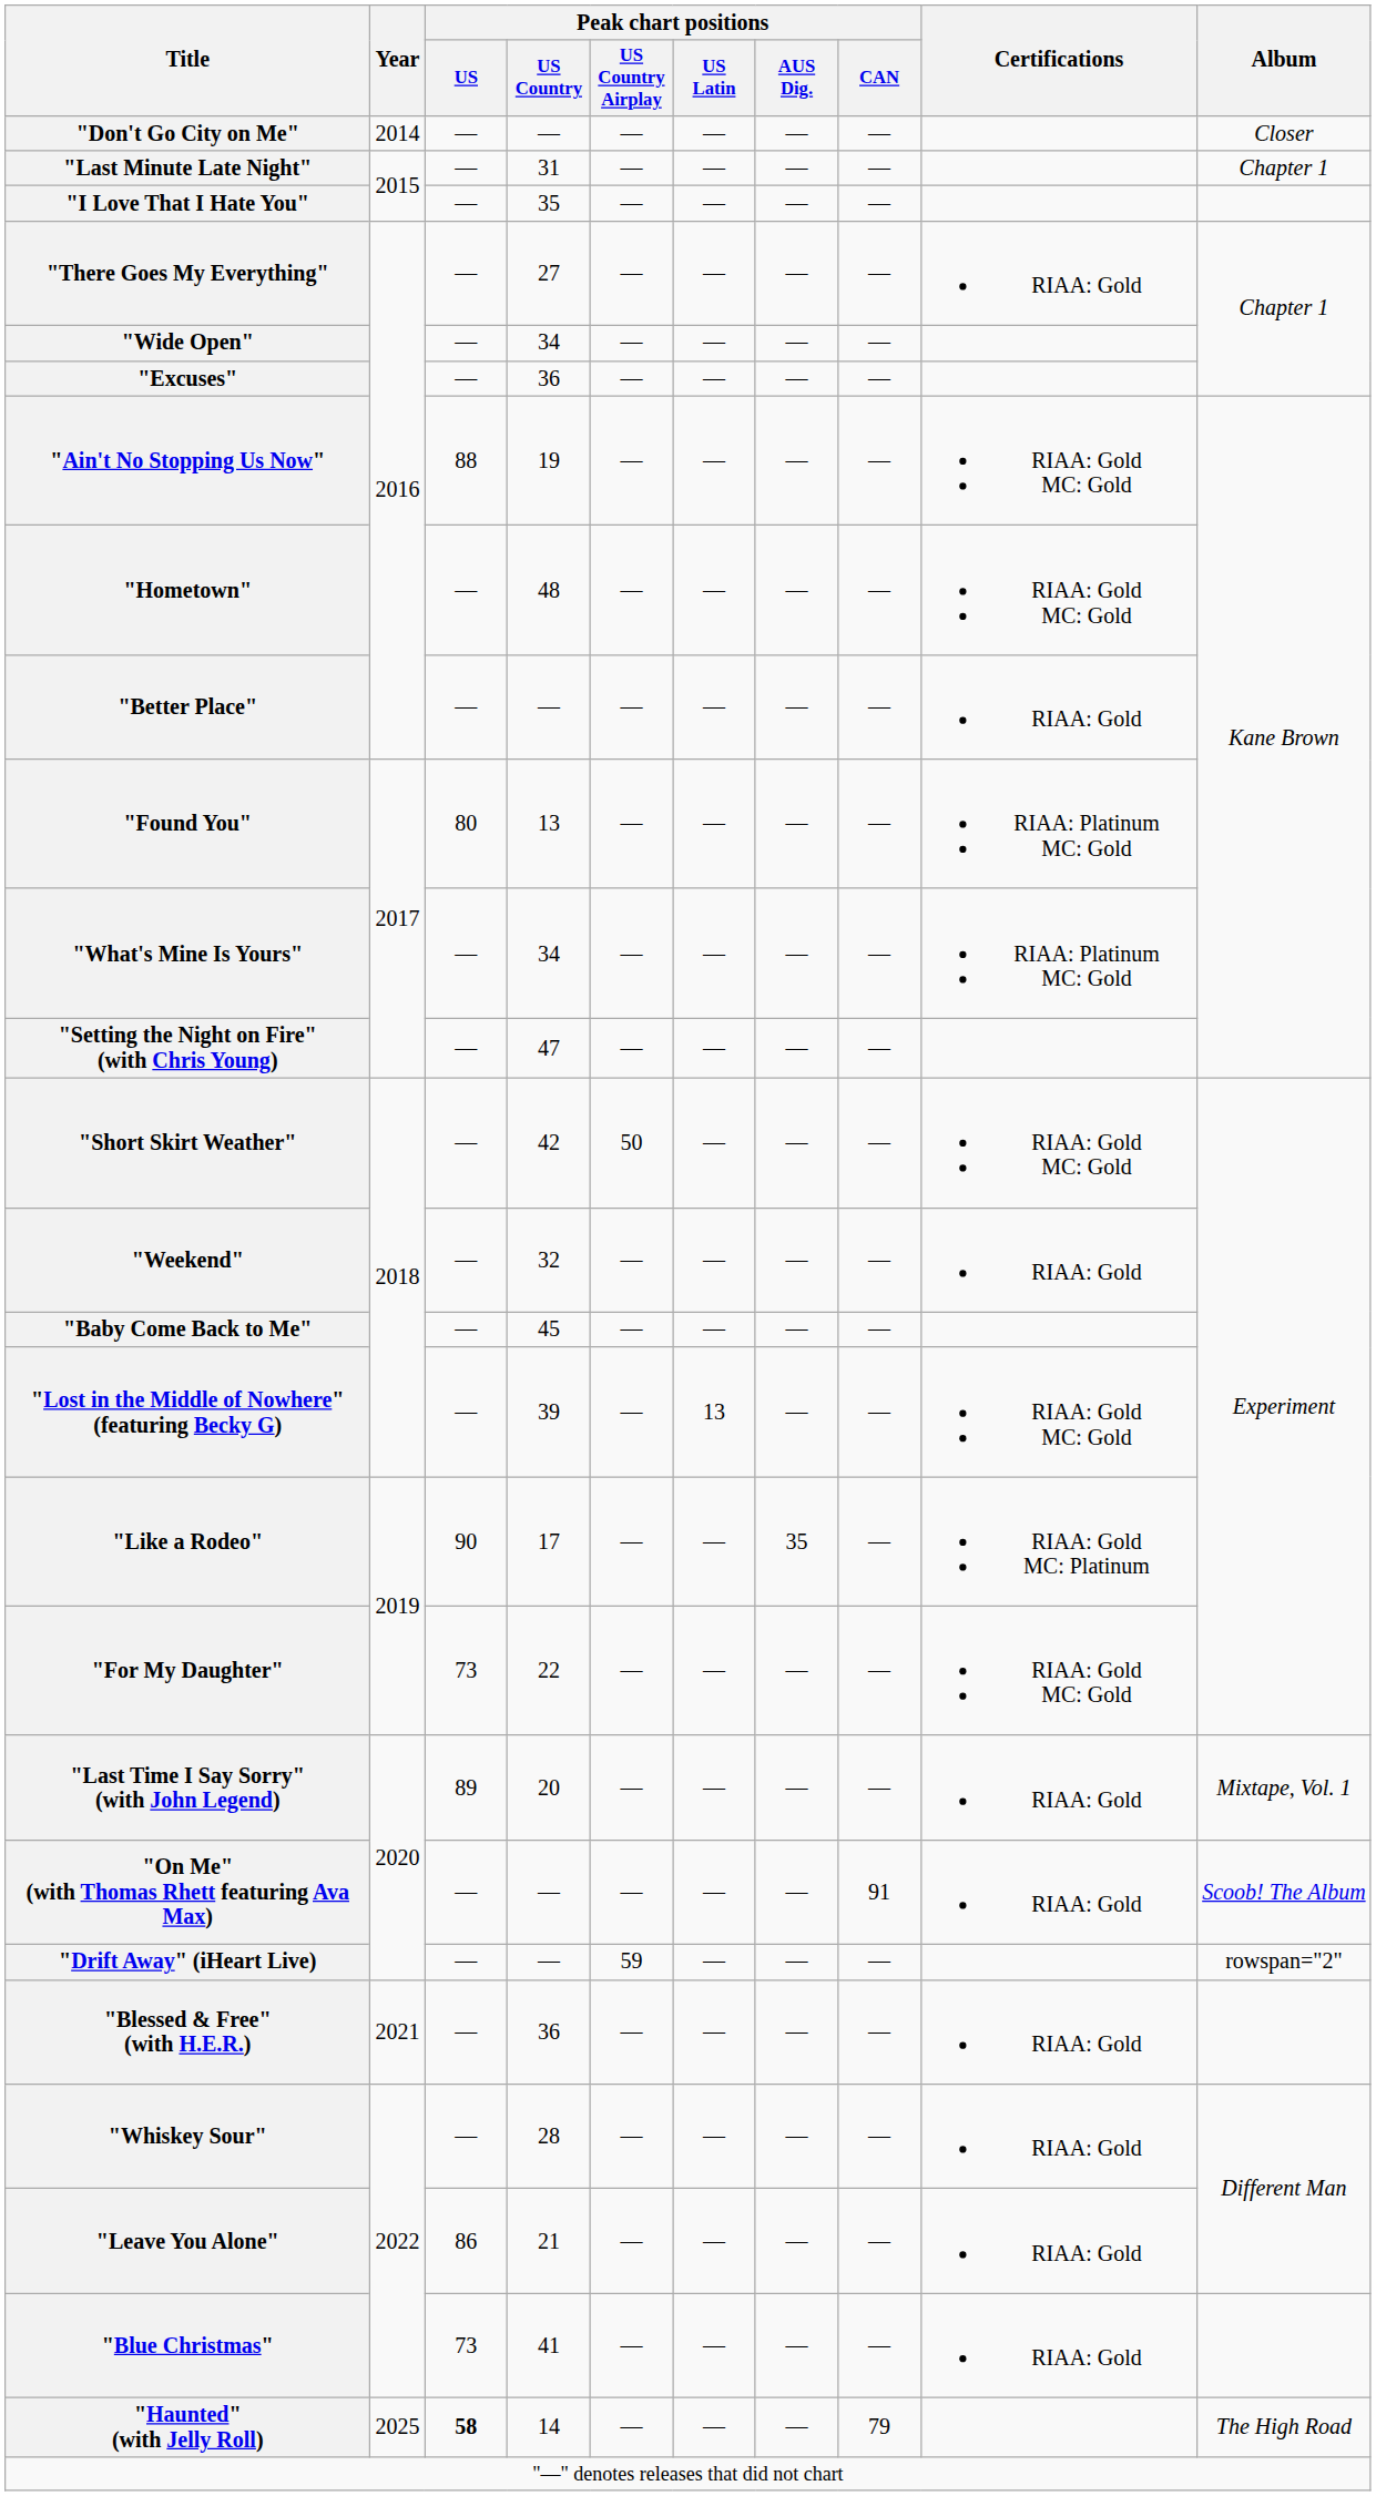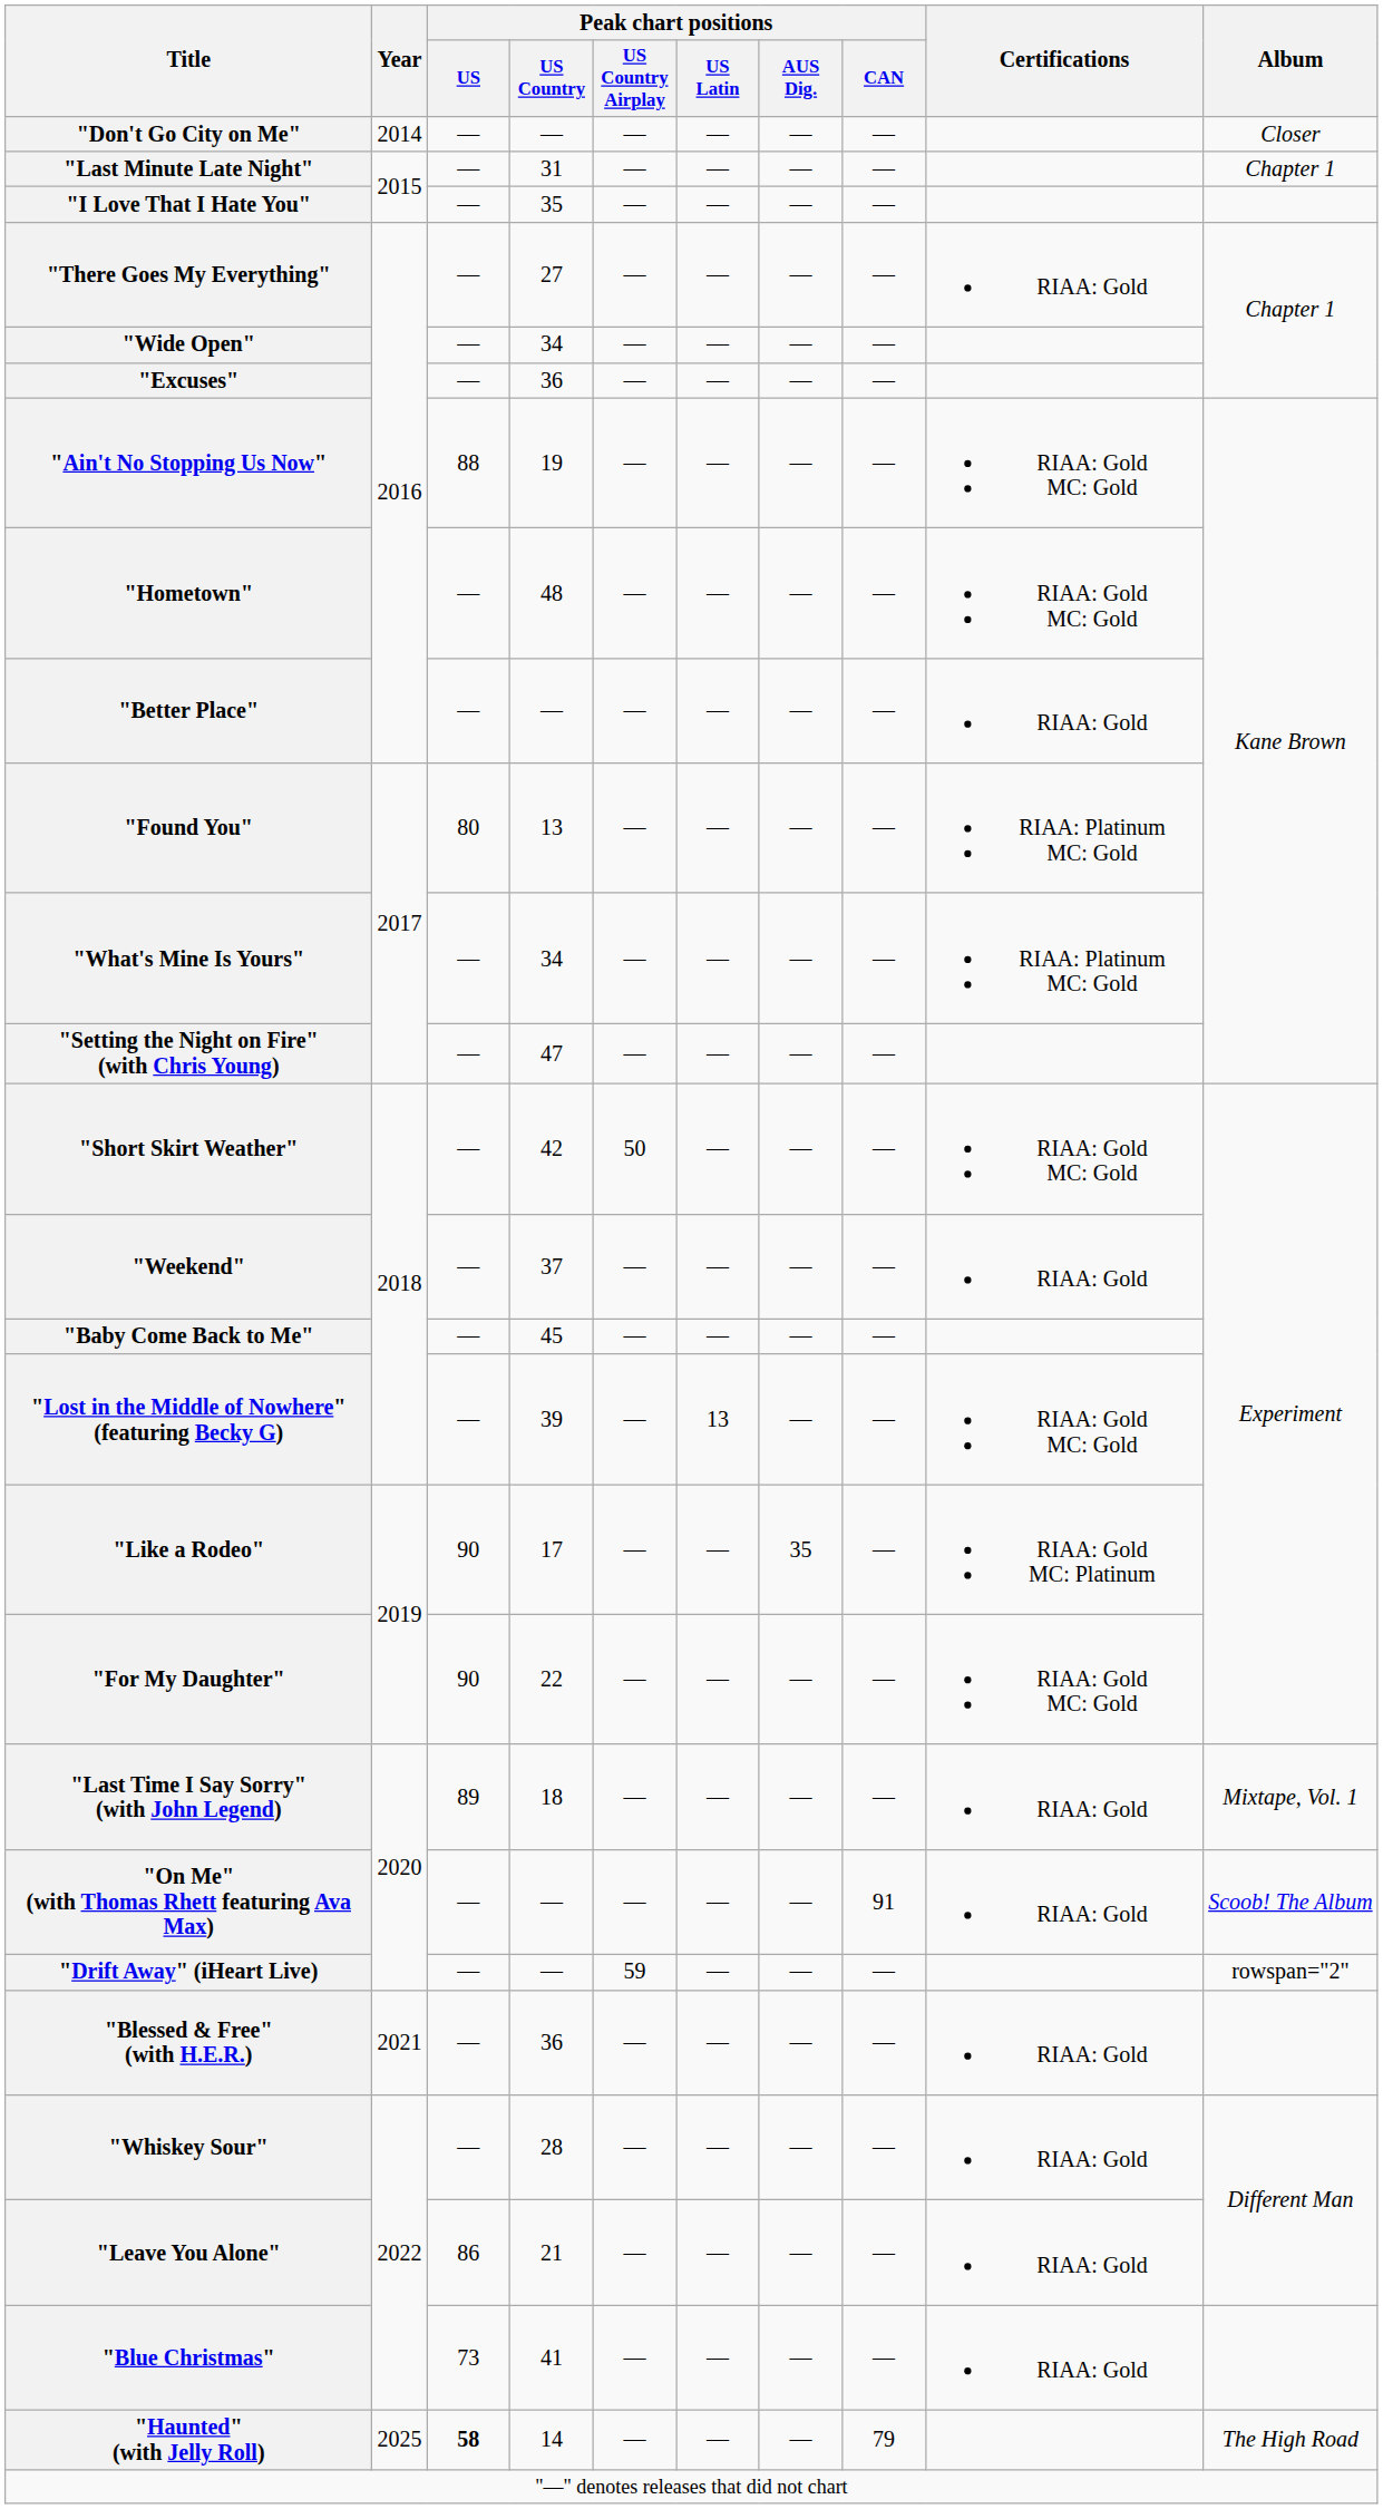 <table class="wikitable plainrowheaders" style="text-align:center;">
 <tr>
 <th rowspan="2" style="width:16em;">Title</th>
 <th rowspan="2">Year</th>
 <th colspan="6">Peak chart positions</th>
 <th rowspan="2" style="width:12em;">Certifications</th>
 <th rowspan="2">Album</th>
 </tr>
 <tr style="font-size:smaller;">
 <th style="width:4em;"><a href='#'>US</a><br></th>
 <th style="width:4em;"><a href='#'>US Country</a><br></th>
 <th style="width:4em;"><a href='#'>US Country Airplay</a><br></th>
 <th style="width:4em;"><a href='#'>US<br>Latin</a><br></th>
 <th style="width:4em;"><a href='#'>AUS<br>Dig.</a><br></th>
 <th style="width:4em;"><a href='#'>CAN</a><br></th>
 </tr>
 <tr>
 <th scope="row">"Don't Go City on Me"</th>
 <td>2014</td>
 <td>—</td>
 <td>—</td>
 <td>—</td>
 <td>—</td>
 <td>—</td>
 <td>—</td>
 <td></td>
 <td><em>Closer</em></td>
 </tr>
 <tr>
 <th scope="row">"Last Minute Late Night"</th>
 <td rowspan="2">2015</td>
 <td>—</td>
 <td>31</td>
 <td>—</td>
 <td>—</td>
 <td>—</td>
 <td>—</td>
 <td></td>
 <td><em>Chapter 1</em></td>
 </tr>
 <tr>
 <th scope="row">"I Love That I Hate You"</th>
 <td>—</td>
 <td>35</td>
 <td>—</td>
 <td>—</td>
 <td>—</td>
 <td>—</td>
 <td></td>
 <td></td>
 </tr>
 <tr>
 <th scope="row">"There Goes My Everything"</th>
 <td rowspan="6">2016</td>
 <td>—</td>
 <td>27</td>
 <td>—</td>
 <td>—</td>
 <td>—</td>
 <td>—</td>
 <td><br><ul><li>RIAA: Gold</li></ul></td>
 <td rowspan="3"><em>Chapter 1</em></td>
 </tr>
 <tr>
 <th scope="row">"Wide Open"</th>
 <td>—</td>
 <td>34</td>
 <td>—</td>
 <td>—</td>
 <td>—</td>
 <td>—</td>
 <td></td>
 </tr>
 <tr>
 <th scope="row">"Excuses"</th>
 <td>—</td>
 <td>36</td>
 <td>—</td>
 <td>—</td>
 <td>—</td>
 <td>—</td>
 <td></td>
 </tr>
 <tr>
 <th scope="row">"<a href='#'>Ain't No Stopping Us Now</a>"</th>
 <td>88</td>
 <td>19</td>
 <td>—</td>
 <td>—</td>
 <td>—</td>
 <td>—</td>
 <td><br><ul><li>RIAA: Gold</li><li>MC: Gold</li></ul></td>
 <td rowspan="6"><em>Kane Brown</em></td>
 </tr>
 <tr>
 <th scope="row">"Hometown"</th>
 <td>—</td>
 <td>48</td>
 <td>—</td>
 <td>—</td>
 <td>—</td>
 <td>—</td>
 <td><br><ul><li>RIAA: Gold</li><li>MC: Gold</li></ul></td>
 </tr>
 <tr>
 <th scope="row">"Better Place"</th>
 <td>—</td>
 <td>—</td>
 <td>—</td>
 <td>—</td>
 <td>—</td>
 <td>—</td>
 <td><br><ul><li>RIAA: Gold</li></ul></td>
 </tr>
 <tr>
 <th scope="row">"Found You"</th>
 <td rowspan="3">2017</td>
 <td>80</td>
 <td>13</td>
 <td>—</td>
 <td>—</td>
 <td>—</td>
 <td>—</td>
 <td><br><ul><li>RIAA: Platinum</li><li>MC: Gold</li></ul></td>
 </tr>
 <tr>
 <th scope="row">"What's Mine Is Yours"</th>
 <td>—</td>
 <td>34</td>
 <td>—</td>
 <td>—</td>
 <td>—</td>
 <td>—</td>
 <td><br><ul><li>RIAA: Platinum</li><li>MC: Gold</li></ul></td>
 </tr>
 <tr>
 <th scope="row">"Setting the Night on Fire"<br><span>(with <a href='#'>Chris Young</a>)</span></th>
 <td>—</td>
 <td>47</td>
 <td>—</td>
 <td>—</td>
 <td>—</td>
 <td>—</td>
 <td></td>
 </tr>
 <tr>
 <th scope="row">"Short Skirt Weather"</th>
 <td rowspan="4">2018</td>
 <td>—</td>
 <td>42</td>
 <td>50</td>
 <td>—</td>
 <td>—</td>
 <td>—</td>
 <td><br><ul><li>RIAA: Gold</li><li>MC: Gold</li></ul></td>
 <td rowspan="6"><em>Experiment</em></td>
 </tr>
 <tr>
 <th scope="row">"Weekend"</th>
 <td>—</td>
-<td>32</td>
+<td>37</td>
 <td>—</td>
 <td>—</td>
 <td>—</td>
 <td>—</td>
 <td><br><ul><li>RIAA: Gold</li></ul></td>
 </tr>
 <tr>
 <th scope="row">"Baby Come Back to Me"</th>
 <td>—</td>
 <td>45</td>
 <td>—</td>
 <td>—</td>
 <td>—</td>
 <td>—</td>
 <td></td>
 </tr>
 <tr>
 <th scope="row">"<a href='#'>Lost in the Middle of Nowhere</a>" <br><span>(featuring <a href='#'>Becky G</a>)</span></th>
 <td>—</td>
 <td>39</td>
 <td>—</td>
 <td>13</td>
 <td>—</td>
 <td>—</td>
 <td><br><ul><li>RIAA: Gold</li><li>MC: Gold</li></ul></td>
 </tr>
 <tr>
 <th scope="row">"Like a Rodeo"</th>
 <td rowspan="2">2019</td>
 <td>90</td>
 <td>17</td>
 <td>—</td>
 <td>—</td>
 <td>35</td>
 <td>—</td>
 <td><br><ul><li>RIAA: Gold</li><li>MC: Platinum</li></ul></td>
 </tr>
 <tr>
 <th scope="row">"For My Daughter"</th>
-<td>73</td>
+<td>90</td>
 <td>22</td>
 <td>—</td>
 <td>—</td>
 <td>—</td>
 <td>—</td>
 <td><br><ul><li>RIAA: Gold</li><li>MC: Gold</li></ul></td>
 </tr>
 <tr>
 <th scope="row">"Last Time I Say Sorry" <br><span>(with <a href='#'>John Legend</a>)</span></th>
 <td rowspan="3">2020</td>
 <td>89</td>
-<td>20</td>
+<td>18</td>
 <td>—</td>
 <td>—</td>
 <td>—</td>
 <td>—</td>
 <td><br><ul><li>RIAA: Gold</li></ul></td>
 <td><em>Mixtape, Vol. 1</em></td>
 </tr>
 <tr>
 <th scope="row">"On Me" <br><span>(with <a href='#'>Thomas Rhett</a> featuring <a href='#'>Ava Max</a>)</span></th>
 <td>—</td>
 <td>—</td>
 <td>—</td>
 <td>—</td>
 <td>—</td>
 <td>91</td>
 <td><br><ul><li>RIAA: Gold</li></ul></td>
 <td><em><a href='#'>Scoob! The Album</a></em></td>
 </tr>
 <tr>
 <th scope="row">"<a href='#'>Drift Away</a>" <span>(iHeart Live)</span></th>
 <td>—</td>
 <td>—</td>
 <td>59</td>
 <td>—</td>
 <td>—</td>
 <td>—</td>
 <td></td>
 <td>rowspan="2" </td>
 </tr>
 <tr>
 <th scope="row">"Blessed & Free"<br><span>(with <a href='#'>H.E.R.</a>)</span></th>
 <td>2021</td>
 <td>―</td>
 <td>36</td>
 <td>―</td>
 <td>―</td>
 <td>―</td>
 <td>―</td>
 <td><br><ul><li>RIAA: Gold</li></ul></td>
 </tr>
 <tr>
 <th scope="row">"Whiskey Sour"</th>
 <td rowspan="3">2022</td>
 <td>―</td>
 <td>28</td>
 <td>―</td>
 <td>―</td>
 <td>―</td>
 <td>―</td>
 <td><br><ul><li>RIAA: Gold</li></ul></td>
 <td rowspan="2"><em>Different Man</em></td>
 </tr>
 <tr>
 <th scope="row">"Leave You Alone"</th>
 <td>86</td>
 <td>21</td>
 <td>―</td>
 <td>―</td>
 <td>―</td>
 <td>―</td>
 <td><br><ul><li>RIAA: Gold</li></ul></td>
 </tr>
 <tr>
 <th scope="row">"<a href='#'>Blue Christmas</a>"</th>
 <td>73</td>
 <td>41</td>
 <td>—</td>
 <td>―</td>
 <td>―</td>
 <td>―</td>
 <td><br><ul><li>RIAA: Gold</li></ul></td>
 <td></td>
 </tr>
 <tr>
 <th scope="row">"<a href='#'>Haunted</a>"<br><span>(with <a href='#'>Jelly Roll</a>)</span></th>
 <td>2025</td>
 <td><strong>58</strong></td>
 <td>14</td>
 <td>―</td>
 <td>―</td>
 <td>―</td>
 <td>79</td>
 <td></td>
 <td><em>The High Road</em></td>
 </tr>
 <tr>
 <td colspan="11" style="font-size:90%;">"—" denotes releases that did not chart</td>
 </tr>
 </table>
